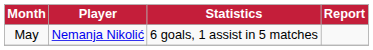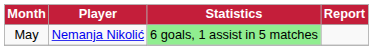 <table class=wikitable>
 <tr>
 <th style="background:#C41E3A; color:white; text-align:center;">Month</th>
 <th style="background:#C41E3A; color:white; text-align:center;">Player</th>
 <th style="background:#C41E3A; color:white; text-align:center;">Statistics</th>
 <th style="background:#C41E3A; color:white; text-align:center;">Report</th>
 </tr>
 <tr>
 <td style="text-align:center;">May</td>
 <td> <a href='#'>Nemanja Nikolić</a></td>
-<td style="text-align:center;">6 goals, 1 assist in 5 matches</td>
+<td style="background: lightgreen; text-align:center;">6 goals, 1 assist in 5 matches</td>
 <td style="text-align:center;"></td>
 </tr>
 <tr>
 </tr>
 </table>
